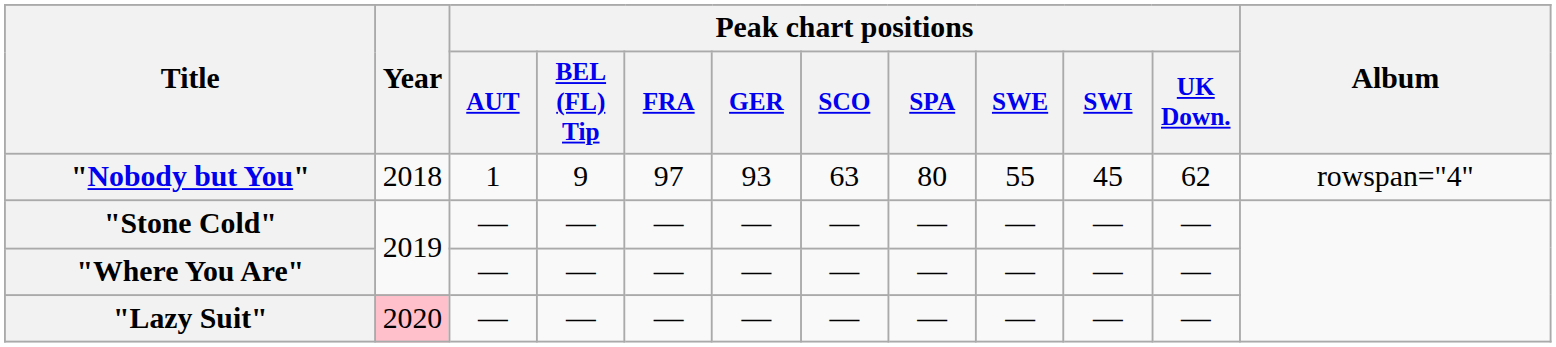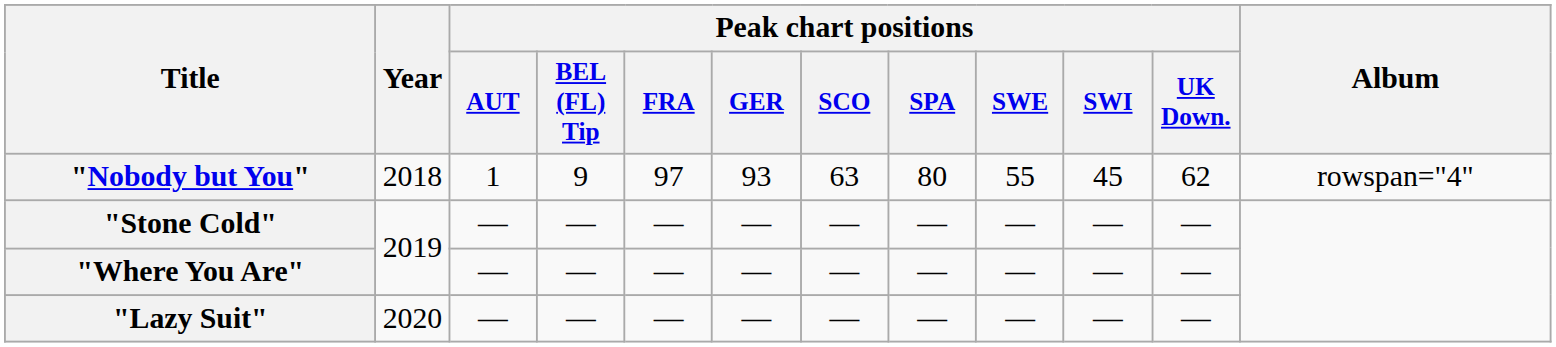 <table class="wikitable plainrowheaders" style="text-align:center;">
 <tr>
 <th scope="col" rowspan="2" style="width:12em;">Title</th>
 <th scope="col" rowspan="2" style="width:1em;">Year</th>
 <th scope="col" colspan="9">Peak chart positions</th>
 <th scope="col" rowspan="2" style="width:10em;">Album</th>
 </tr>
 <tr>
 <th scope="col" style="width:3em;font-size:85%;"><a href='#'>AUT</a><br></th>
 <th scope="col" style="width:3em;font-size:85%;"><a href='#'>BEL<br>(FL)<br>Tip</a><br></th>
 <th scope="col" style="width:3em;font-size:85%;"><a href='#'>FRA</a><br></th>
 <th scope="col" style="width:3em;font-size:85%;"><a href='#'>GER</a><br></th>
 <th scope="col" style="width:3em;font-size:85%;"><a href='#'>SCO</a><br></th>
 <th scope="col" style="width:3em;font-size:85%;"><a href='#'>SPA</a><br></th>
 <th scope="col" style="width:3em;font-size:85%;"><a href='#'>SWE</a><br></th>
 <th scope="col" style="width:3em;font-size:85%;"><a href='#'>SWI</a><br></th>
 <th scope="col" style="width:3em;font-size:85%;"><a href='#'>UK<br>Down.</a><br></th>
 </tr>
 <tr>
 <th scope="row">"<a href='#'>Nobody but You</a>"</th>
 <td>2018</td>
 <td>1</td>
 <td>9</td>
 <td>97</td>
 <td>93</td>
 <td>63</td>
 <td>80</td>
 <td>55</td>
 <td>45</td>
 <td>62</td>
 <td>rowspan="4" </td>
 </tr>
 <tr>
 <th scope="row">"Stone Cold"</th>
 <td rowspan="2">2019</td>
 <td>—</td>
 <td>—</td>
 <td>—</td>
 <td>—</td>
 <td>—</td>
 <td>—</td>
 <td>—</td>
 <td>—</td>
 <td>—</td>
 </tr>
 <tr>
 <th scope="row">"Where You Are"</th>
 <td>—</td>
 <td>—</td>
 <td>—</td>
 <td>—</td>
 <td>—</td>
 <td>—</td>
 <td>—</td>
 <td>—</td>
 <td>—</td>
 </tr>
 <tr>
 <th scope="row">"Lazy Suit"</th>
-<td style="background: pink;">2020</td>
+<td>2020</td>
 <td>—</td>
 <td>—</td>
 <td>—</td>
 <td>—</td>
 <td>—</td>
 <td>—</td>
 <td>—</td>
 <td>—</td>
 <td>—</td>
 </tr>
 </table>
